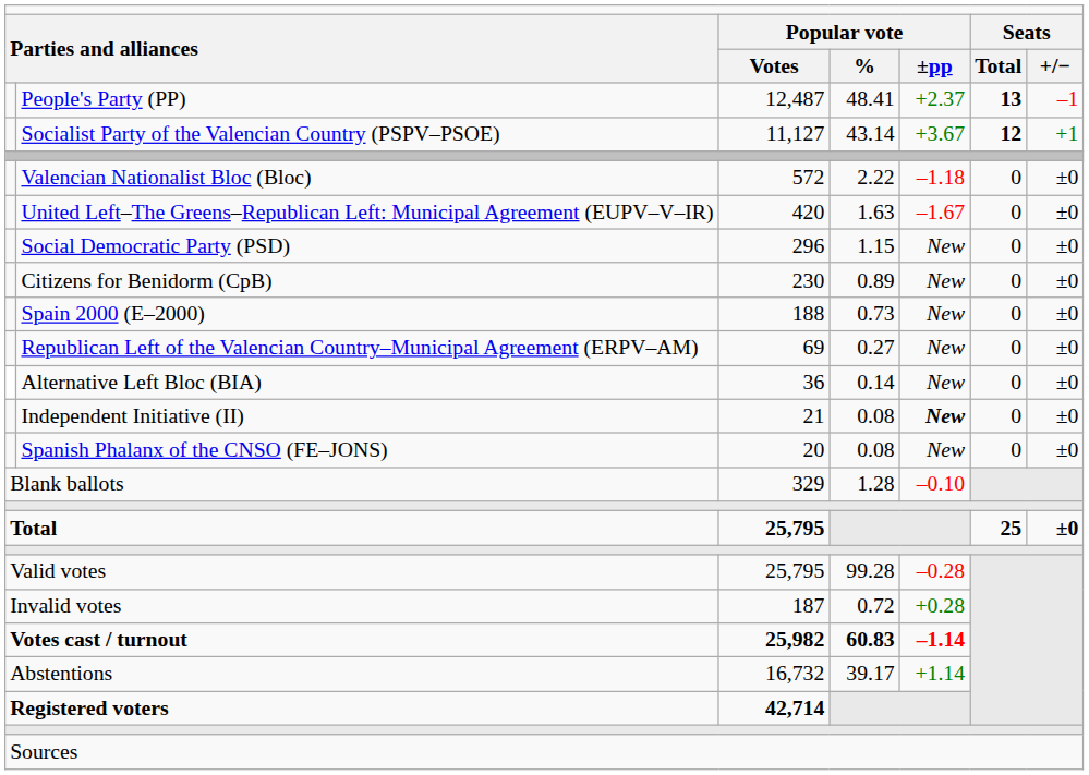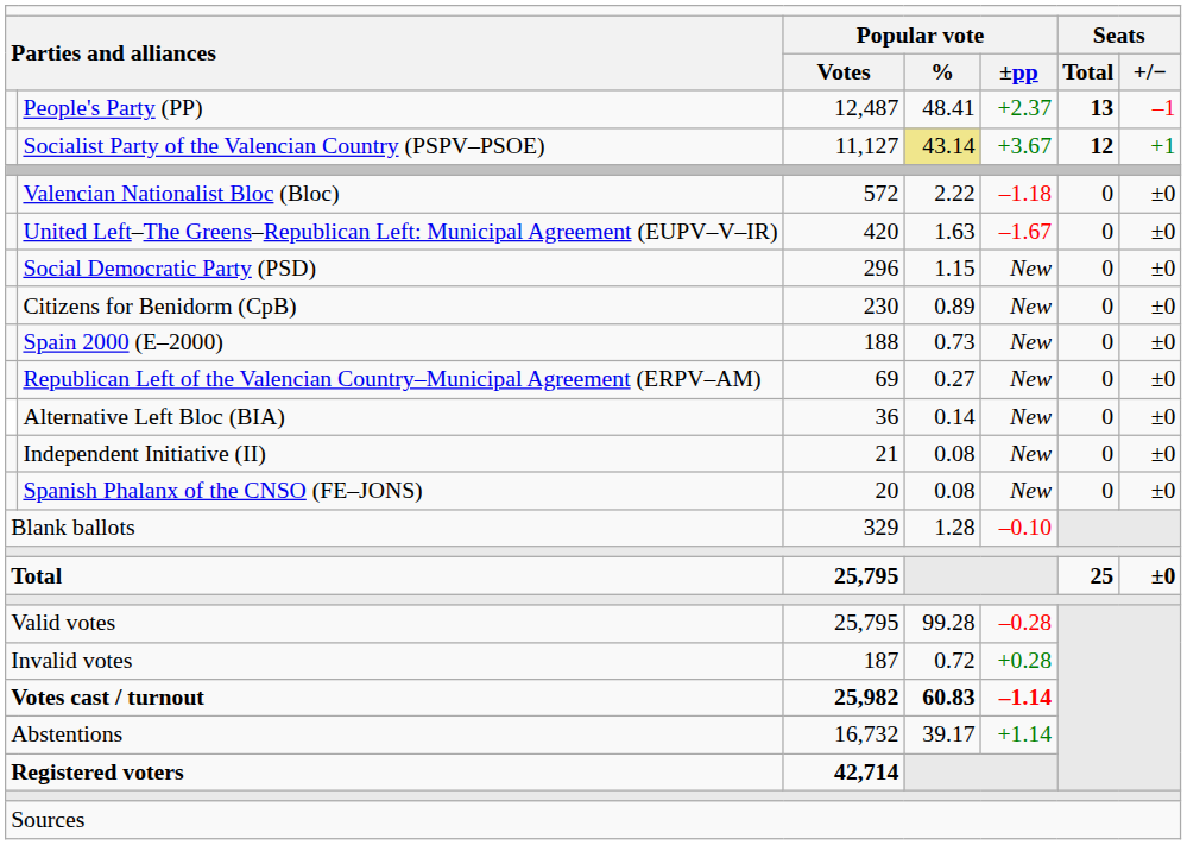 <table class="wikitable" style="text-align:right;">
 <tr>
 <td colspan="7"></td>
 </tr>
 <tr>
 <th style="text-align:left;" rowspan="2" colspan="2" width="525">Parties and alliances</th>
 <th colspan="3">Popular vote</th>
 <th colspan="2">Seats</th>
 </tr>
 <tr>
 <th width="75">Votes</th>
 <th width="45">%</th>
 <th width="45">±<a href='#'>pp</a></th>
 <th width="35">Total</th>
 <th width="35">+/−</th>
 </tr>
 <tr>
 <td width="1" style="color:inherit;background:"></td>
 <td align="left"><a href='#'>People's Party</a> (PP)</td>
 <td>12,487</td>
 <td>48.41</td>
 <td style="color:green;">+2.37</td>
 <td><strong>13</strong></td>
 <td style="color:red;">–1</td>
 </tr>
 <tr>
 <td style="color:inherit;background:"></td>
 <td align="left"><a href='#'>Socialist Party of the Valencian Country</a> (PSPV–PSOE)</td>
 <td>11,127</td>
-<td>43.14</td>
+<td style="background: khaki;">43.14</td>
 <td style="color:green;">+3.67</td>
 <td><strong>12</strong></td>
 <td style="color:green;">+1</td>
 </tr>
 <tr>
 <td colspan="7" bgcolor="#C0C0C0"></td>
 </tr>
 <tr>
 <td style="color:inherit;background:"></td>
 <td align="left"><a href='#'>Valencian Nationalist Bloc</a> (Bloc)</td>
 <td>572</td>
 <td>2.22</td>
 <td style="color:red;">–1.18</td>
 <td>0</td>
 <td>±0</td>
 </tr>
 <tr>
 <td style="color:inherit;background:"></td>
 <td align="left"><a href='#'>United Left</a>–<a href='#'>The Greens</a>–<a href='#'>Republican Left: Municipal Agreement</a> (EUPV–V–IR)</td>
 <td>420</td>
 <td>1.63</td>
 <td style="color:red;">–1.67</td>
 <td>0</td>
 <td>±0</td>
 </tr>
 <tr>
 <td style="color:inherit;background:"></td>
 <td align="left"><a href='#'>Social Democratic Party</a> (PSD)</td>
 <td>296</td>
 <td>1.15</td>
 <td><em>New</em></td>
 <td>0</td>
 <td>±0</td>
 </tr>
 <tr>
 <td style="color:inherit;background:"></td>
 <td align="left">Citizens for Benidorm (CpB)</td>
 <td>230</td>
 <td>0.89</td>
 <td><em>New</em></td>
 <td>0</td>
 <td>±0</td>
 </tr>
 <tr>
 <td style="color:inherit;background:"></td>
 <td align="left"><a href='#'>Spain 2000</a> (E–2000)</td>
 <td>188</td>
 <td>0.73</td>
 <td><em>New</em></td>
 <td>0</td>
 <td>±0</td>
 </tr>
 <tr>
 <td style="color:inherit;background:"></td>
 <td align="left"><a href='#'>Republican Left of the Valencian Country–Municipal Agreement</a> (ERPV–AM)</td>
 <td>69</td>
 <td>0.27</td>
 <td><em>New</em></td>
 <td>0</td>
 <td>±0</td>
 </tr>
 <tr>
 <td bgcolor="white"></td>
 <td align="left">Alternative Left Bloc (BIA)</td>
 <td>36</td>
 <td>0.14</td>
 <td><em>New</em></td>
 <td>0</td>
 <td>±0</td>
 </tr>
 <tr>
 <td style="color:inherit;background:"></td>
 <td align="left">Independent Initiative (II)</td>
 <td>21</td>
 <td>0.08</td>
-<td><strong><em>New</em></strong></td>
+<td><em>New</em></td>
 <td>0</td>
 <td>±0</td>
 </tr>
 <tr>
 <td style="color:inherit;background:"></td>
 <td align="left"><a href='#'>Spanish Phalanx of the CNSO</a> (FE–JONS)</td>
 <td>20</td>
 <td>0.08</td>
 <td><em>New</em></td>
 <td>0</td>
 <td>±0</td>
 </tr>
 <tr>
 <td align="left" colspan="2">Blank ballots</td>
 <td>329</td>
 <td>1.28</td>
 <td style="color:red;">–0.10</td>
 <td bgcolor="#E9E9E9" colspan="2"></td>
 </tr>
 <tr>
 <td colspan="7" bgcolor="#E9E9E9"></td>
 </tr>
 <tr style="font-weight:bold;">
 <td align="left" colspan="2">Total</td>
 <td>25,795</td>
 <td bgcolor="#E9E9E9" colspan="2"></td>
 <td>25</td>
 <td>±0</td>
 </tr>
 <tr>
 <td colspan="7" bgcolor="#E9E9E9"></td>
 </tr>
 <tr>
 <td align="left" colspan="2">Valid votes</td>
 <td>25,795</td>
 <td>99.28</td>
 <td style="color:red;">–0.28</td>
 <td bgcolor="#E9E9E9" colspan="2" rowspan="5"></td>
 </tr>
 <tr>
 <td align="left" colspan="2">Invalid votes</td>
 <td>187</td>
 <td>0.72</td>
 <td style="color:green;">+0.28</td>
 </tr>
 <tr style="font-weight:bold;">
 <td align="left" colspan="2">Votes cast / turnout</td>
 <td>25,982</td>
 <td>60.83</td>
 <td style="color:red;">–1.14</td>
 </tr>
 <tr>
 <td align="left" colspan="2">Abstentions</td>
 <td>16,732</td>
 <td>39.17</td>
 <td style="color:green;">+1.14</td>
 </tr>
 <tr style="font-weight:bold;">
 <td align="left" colspan="2">Registered voters</td>
 <td>42,714</td>
 <td bgcolor="#E9E9E9" colspan="2"></td>
 </tr>
 <tr>
 <td colspan="7" bgcolor="#E9E9E9"></td>
 </tr>
 <tr>
 <td align="left" colspan="7">Sources</td>
 </tr>
 </table>
